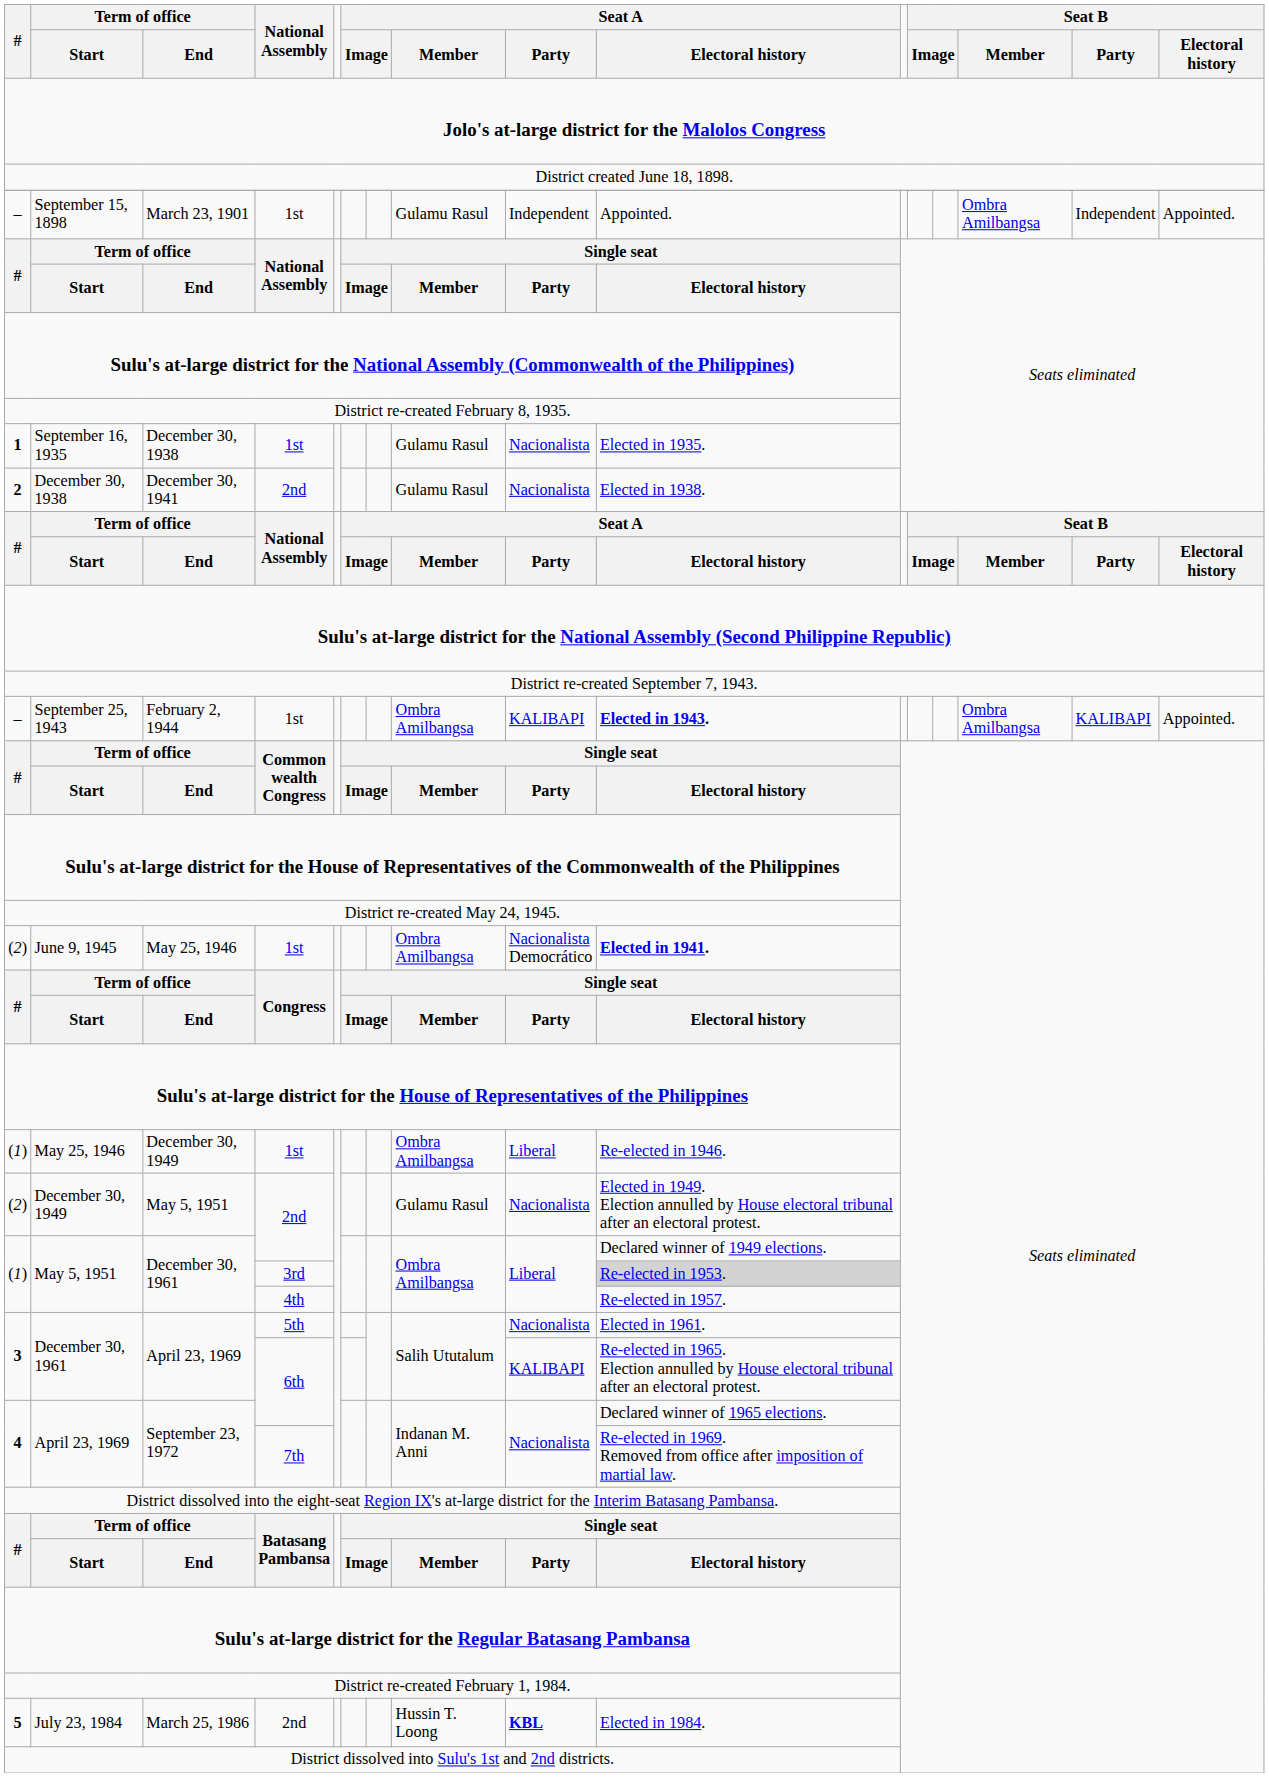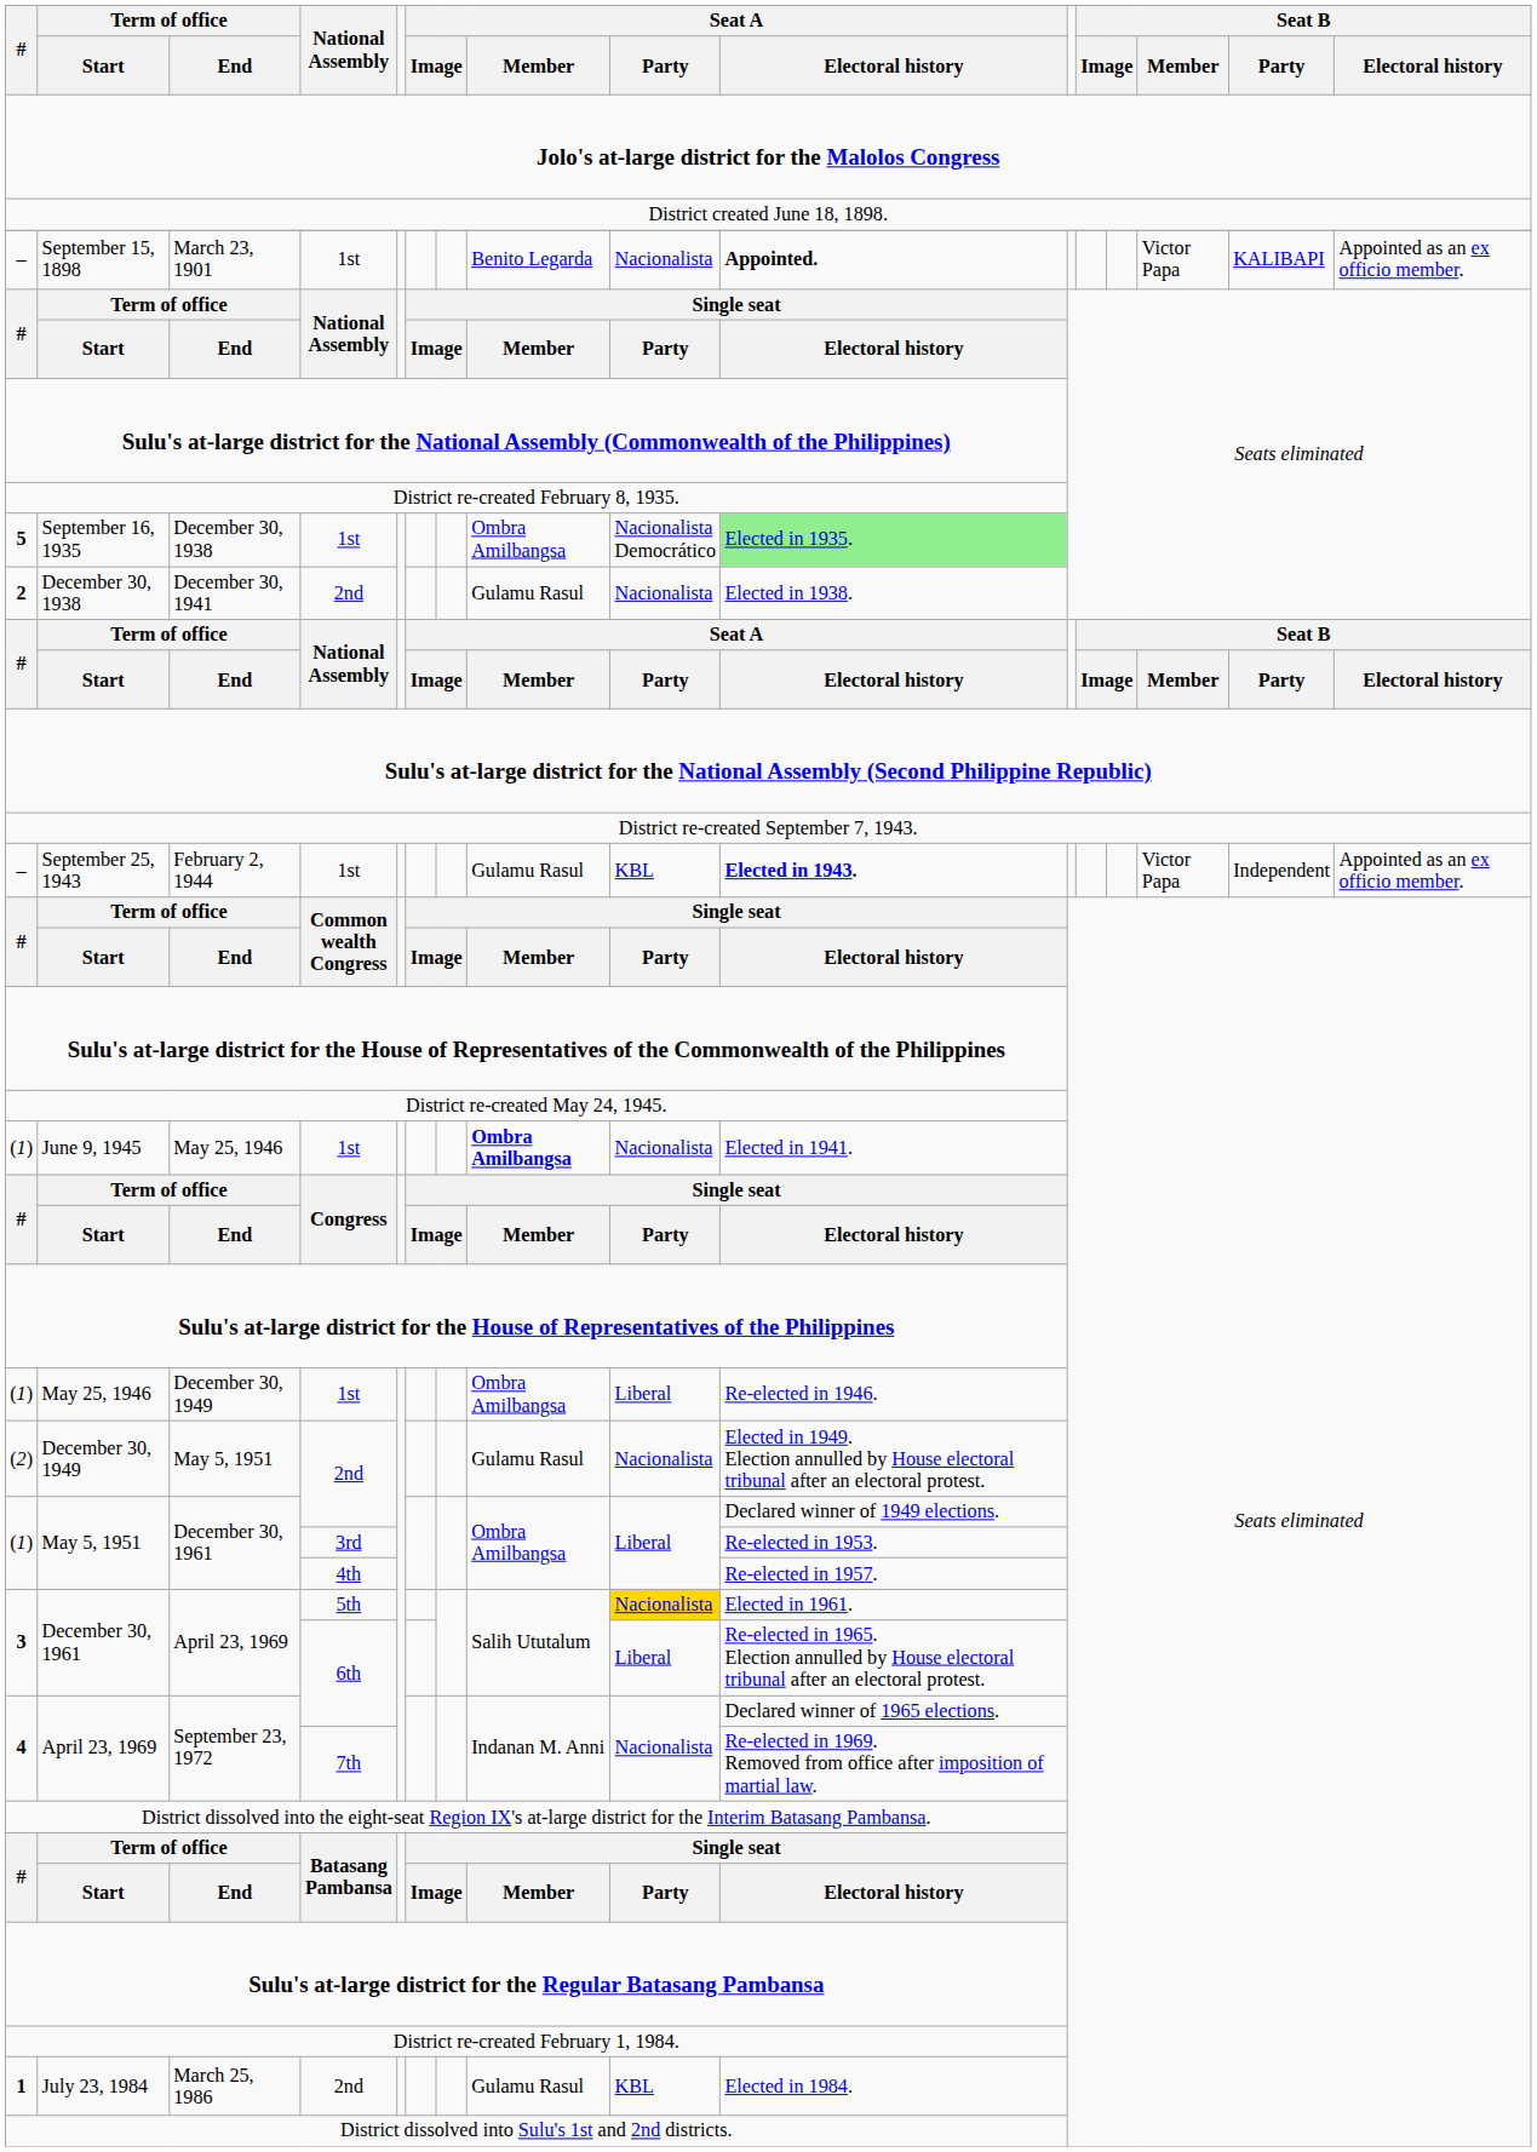 <table class=wikitable>
 <tr>
 <th rowspan=2>#</th>
 <th colspan=2>Term of office</th>
 <th rowspan=2>National<br>Assembly</th>
 <td rowspan=2></td>
 <th colspan=5>Seat A</th>
 <td rowspan=2></td>
 <th colspan=5>Seat B</th>
 </tr>
 <tr style="height:3em">
 <th>Start</th>
 <th>End</th>
 <th colspan="2" style="text-align:center;">Image</th>
 <th>Member</th>
 <th>Party</th>
 <th>Electoral history</th>
 <th colspan="2" style="text-align:center;">Image</th>
 <th>Member</th>
 <th>Party</th>
 <th>Electoral history</th>
 </tr>
 <tr>
 <td colspan="16" style="text-align:center;"><br><h3>Jolo's at-large district for the <a href='#'>Malolos Congress</a></h3></td>
 </tr>
 <tr>
 <td colspan="16" style="text-align:center;">District created June 18, 1898.</td>
 </tr>
 <tr>
 </tr>
 <tr style="height:3em">
 <td style="text-align:center;">–</td>
 <td>September 15, 1898</td>
 <td>March 23, 1901</td>
 <td style="text-align:center;">1st</td>
 <td></td>
 <td style="color:inherit;background:"></td>
 <td></td>
-<td>Gulamu Rasul</td>
-<td>Independent</td>
-<td>Appointed.</td>
+<td><a href='#'>Benito Legarda</a></td>
+<td><a href='#'>Nacionalista</a></td>
+<td><strong>Appointed.</strong></td>
 <td></td>
 <td style="color:inherit;background:"></td>
 <td></td>
-<td><a href='#'>Ombra Amilbangsa</a></td>
-<td>Independent</td>
-<td>Appointed.</td>
+<td>Victor Papa</td>
+<td><a href='#'>KALIBAPI</a></td>
+<td>Appointed as an <a href='#'>ex officio member</a>.</td>
 </tr>
 <tr>
 <th rowspan=2>#</th>
 <th colspan=2>Term of office</th>
 <th rowspan=2>National<br>Assembly</th>
 <td rowspan=2></td>
 <th colspan=5>Single seat</th>
 <td rowspan=6 colspan=6 style="text-align:center;"><em>Seats eliminated</em></td>
 </tr>
 <tr style="height:3em">
 <th>Start</th>
 <th>End</th>
 <th colspan="2" style="text-align:center;">Image</th>
 <th>Member</th>
 <th>Party</th>
 <th>Electoral history</th>
 </tr>
 <tr>
 <td colspan="10" style="text-align:center;"><br><h3>Sulu's at-large district for the <a href='#'>National Assembly (Commonwealth of the Philippines)</a></h3></td>
 </tr>
 <tr>
 <td colspan="10" style="text-align:center;">District re-created February 8, 1935.</td>
 </tr>
 <tr>
-<td style="text-align:center;"><strong>1</strong></td>
+<td style="text-align:center;"><strong>5</strong></td>
 <td>September 16, 1935</td>
 <td>December 30, 1938</td>
 <td style="text-align:center;"><a href='#'>1st</a></td>
 <td rowspan=2></td>
 <td style="color:inherit;background:"></td>
 <td></td>
-<td>Gulamu Rasul</td>
-<td><a href='#'>Nacionalista</a></td>
-<td><a href='#'>Elected in 1935</a>.</td>
+<td><a href='#'>Ombra Amilbangsa</a></td>
+<td><a href='#'>Nacionalista</a><br>Democrático</td>
+<td style="background: lightgreen;"><a href='#'>Elected in 1935</a>.</td>
 </tr>
 <tr>
 <td style="text-align:center;"><strong>2</strong></td>
 <td>December 30, 1938</td>
 <td>December 30, 1941</td>
 <td style="text-align:center;"><a href='#'>2nd</a></td>
 <td style="color:inherit;background:"></td>
 <td></td>
 <td>Gulamu Rasul</td>
 <td><a href='#'>Nacionalista</a></td>
 <td><a href='#'>Elected in 1938</a>.</td>
 </tr>
 <tr>
 <th rowspan=2>#</th>
 <th colspan=2>Term of office</th>
 <th rowspan=2>National<br>Assembly</th>
 <td rowspan=2></td>
 <th colspan=5>Seat A</th>
 <td rowspan=2></td>
 <th colspan=5>Seat B</th>
 </tr>
 <tr style="height:3em">
 <th>Start</th>
 <th>End</th>
 <th colspan="2" style="text-align:center;">Image</th>
 <th>Member</th>
 <th>Party</th>
 <th>Electoral history</th>
 <th colspan="2" style="text-align:center;">Image</th>
 <th>Member</th>
 <th>Party</th>
 <th>Electoral history</th>
 </tr>
 <tr>
 <td colspan="16" style="text-align:center;"><br><h3>Sulu's at-large district for the <a href='#'>National Assembly (Second Philippine Republic)</a></h3></td>
 </tr>
 <tr>
 <td colspan="16" style="text-align:center;">District re-created September 7, 1943.</td>
 </tr>
 <tr>
 <td style="text-align:center;">–</td>
 <td>September 25, 1943</td>
 <td>February 2, 1944</td>
 <td style="text-align:center;">1st</td>
 <td></td>
 <td style="color:inherit;background:"></td>
 <td></td>
-<td><a href='#'>Ombra Amilbangsa</a></td>
-<td><a href='#'>KALIBAPI</a></td>
+<td>Gulamu Rasul</td>
+<td><a href='#'>KBL</a></td>
 <td><strong><a href='#'>Elected in 1943</a>.</strong></td>
 <td></td>
 <td style="color:inherit;background:"></td>
 <td></td>
-<td><a href='#'>Ombra Amilbangsa</a></td>
-<td><a href='#'>KALIBAPI</a></td>
-<td>Appointed.</td>
+<td>Victor Papa</td>
+<td>Independent</td>
+<td>Appointed as an <a href='#'>ex officio member</a>.</td>
 </tr>
 <tr>
 <th rowspan=2>#</th>
 <th colspan=2>Term of office</th>
 <th rowspan=2>Common<br>wealth<br>Congress</th>
 <td rowspan=2></td>
 <th colspan=5>Single seat</th>
 <td rowspan=24 colspan=6 style="text-align:center;"><em>Seats eliminated</em></td>
 </tr>
 <tr style="height:3em">
 <th>Start</th>
 <th>End</th>
 <th colspan="2" style="text-align:center;">Image</th>
 <th>Member</th>
 <th>Party</th>
 <th>Electoral history</th>
 </tr>
 <tr>
 <td colspan="10" style="text-align:center;"><br><h3>Sulu's at-large district for the House of Representatives of the Commonwealth of the Philippines</h3></td>
 </tr>
 <tr>
 <td colspan="10" style="text-align:center;">District re-created May 24, 1945.</td>
 </tr>
 <tr>
-<td style="text-align:center;">(<em>2</em>)</td>
+<td style="text-align:center;">(<em>1</em>)</td>
 <td>June 9, 1945</td>
 <td>May 25, 1946</td>
 <td style="text-align:center;"><a href='#'>1st</a></td>
 <td></td>
 <td style="color:inherit;background:"></td>
 <td></td>
-<td><a href='#'>Ombra Amilbangsa</a></td>
-<td><a href='#'>Nacionalista</a><br>Democrático</td>
-<td><strong><a href='#'>Elected in 1941</a>.</strong></td>
+<td><strong><a href='#'>Ombra Amilbangsa</a></strong></td>
+<td><a href='#'>Nacionalista</a></td>
+<td><a href='#'>Elected in 1941</a>.</td>
 </tr>
 <tr>
 <th rowspan=2>#</th>
 <th colspan=2>Term of office</th>
 <th rowspan=2>Congress</th>
 <td rowspan=2></td>
 <th colspan=5>Single seat</th>
 </tr>
 <tr style="height:3em">
 <th>Start</th>
 <th>End</th>
 <th colspan="2" style="text-align:center;">Image</th>
 <th>Member</th>
 <th>Party</th>
 <th>Electoral history</th>
 </tr>
 <tr>
 <td colspan="10" style="text-align:center;"><br><h3>Sulu's at-large district for the <a href='#'>House of Representatives of the Philippines</a></h3></td>
 </tr>
 <tr>
 <td style="text-align:center;">(<em>1</em>)</td>
 <td>May 25, 1946</td>
 <td>December 30, 1949</td>
 <td style="text-align:center;"><a href='#'>1st</a></td>
 <td rowspan=9></td>
 <td style="color:inherit;background:"></td>
 <td></td>
 <td><a href='#'>Ombra Amilbangsa</a></td>
 <td><a href='#'>Liberal</a></td>
 <td><a href='#'>Re-elected in 1946</a>.</td>
 </tr>
 <tr>
 <td style="text-align:center;">(<em>2</em>)</td>
 <td>December 30, 1949</td>
 <td>May 5, 1951</td>
 <td rowspan="2" style="text-align:center;"><a href='#'>2nd</a></td>
 <td style="color:inherit;background:"></td>
 <td></td>
 <td>Gulamu Rasul</td>
 <td><a href='#'>Nacionalista</a></td>
 <td><a href='#'>Elected in 1949</a>.<br>Election annulled by <a href='#'>House electoral tribunal</a> after an electoral protest.</td>
 </tr>
 <tr>
 <td rowspan="3" style="text-align:center;">(<em>1</em>)</td>
 <td rowspan="3">May 5, 1951</td>
 <td rowspan="3">December 30, 1961</td>
 <td rowspan="3" style="color:inherit;background:"></td>
 <td rowspan="3"></td>
 <td rowspan="3"><a href='#'>Ombra Amilbangsa</a></td>
 <td rowspan="3"><a href='#'>Liberal</a></td>
 <td>Declared winner of <a href='#'>1949 elections</a>.</td>
 </tr>
 <tr>
 <td style="text-align:center;"><a href='#'>3rd</a></td>
-<td style="background: lightgrey;"><a href='#'>Re-elected in 1953</a>.</td>
+<td><a href='#'>Re-elected in 1953</a>.</td>
 </tr>
 <tr>
 <td style="text-align:center;"><a href='#'>4th</a></td>
 <td><a href='#'>Re-elected in 1957</a>.</td>
 </tr>
 <tr>
 <td rowspan="2" style="text-align:center;"><strong>3</strong></td>
 <td rowspan="2">December 30, 1961</td>
 <td rowspan="2">April 23, 1969</td>
 <td style="text-align:center;"><a href='#'>5th</a></td>
 <td style="color:inherit;background:"></td>
 <td rowspan="2"></td>
 <td rowspan="2">Salih Ututalum</td>
-<td><a href='#'>Nacionalista</a></td>
+<td style="background: gold;"><a href='#'>Nacionalista</a></td>
 <td><a href='#'>Elected in 1961</a>.</td>
 </tr>
 <tr>
 <td rowspan="2" style="text-align:center;"><a href='#'>6th</a></td>
 <td style="color:inherit;background:"></td>
-<td><a href='#'>KALIBAPI</a></td>
+<td><a href='#'>Liberal</a></td>
 <td><a href='#'>Re-elected in 1965</a>.<br>Election annulled by <a href='#'>House electoral tribunal</a> after an electoral protest.</td>
 </tr>
 <tr>
 <td rowspan="2" style="text-align:center;"><strong>4</strong></td>
 <td rowspan="2">April 23, 1969</td>
 <td rowspan="2">September 23, 1972</td>
 <td rowspan="2" style="color:inherit;background:"></td>
 <td rowspan="2"></td>
 <td rowspan="2">Indanan M. Anni</td>
 <td rowspan="2"><a href='#'>Nacionalista</a></td>
 <td>Declared winner of <a href='#'>1965 elections</a>.</td>
 </tr>
 <tr>
 <td style="text-align:center;"><a href='#'>7th</a></td>
 <td><a href='#'>Re-elected in 1969</a>.<br>Removed from office after <a href='#'>imposition of martial law</a>.</td>
 </tr>
 <tr>
 <td colspan="10" style="text-align:center;">District dissolved into the eight-seat <a href='#'>Region IX</a>'s at-large district for the <a href='#'>Interim Batasang Pambansa</a>.</td>
 </tr>
 <tr>
 <th rowspan=2>#</th>
 <th colspan=2>Term of office</th>
 <th rowspan=2>Batasang<br>Pambansa</th>
 <td rowspan=2></td>
 <th colspan=5>Single seat</th>
 </tr>
 <tr style="height:3em">
 <th>Start</th>
 <th>End</th>
 <th colspan="2" style="text-align:center;">Image</th>
 <th>Member</th>
 <th>Party</th>
 <th>Electoral history</th>
 </tr>
 <tr>
 <td colspan="10" style="text-align:center;"><br><h3>Sulu's at-large district for the <a href='#'>Regular Batasang Pambansa</a></h3></td>
 </tr>
 <tr>
 <td colspan="10" style="text-align:center;">District re-created February 1, 1984.</td>
 </tr>
 <tr style="height:3em">
-<td style="text-align:center;"><strong>5</strong></td>
+<td style="text-align:center;"><strong>1</strong></td>
 <td>July 23, 1984</td>
 <td>March 25, 1986</td>
 <td style="text-align:center;">2nd</td>
 <td></td>
 <td style="color:inherit;background:"></td>
 <td></td>
-<td>Hussin T. Loong</td>
-<td><strong><a href='#'>KBL</a></strong></td>
+<td>Gulamu Rasul</td>
+<td><a href='#'>KBL</a></td>
 <td><a href='#'>Elected in 1984</a>.</td>
 </tr>
 <tr>
 <td colspan="10" style="text-align:center;">District dissolved into <a href='#'>Sulu's 1st</a> and <a href='#'>2nd</a> districts.</td>
 </tr>
 </table>
